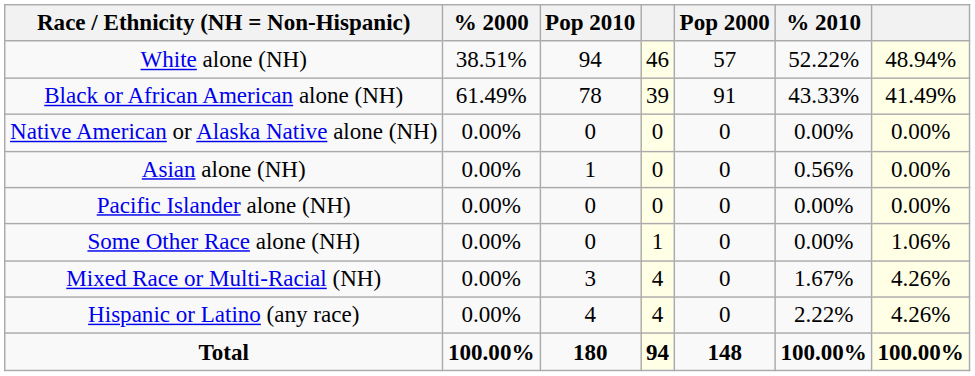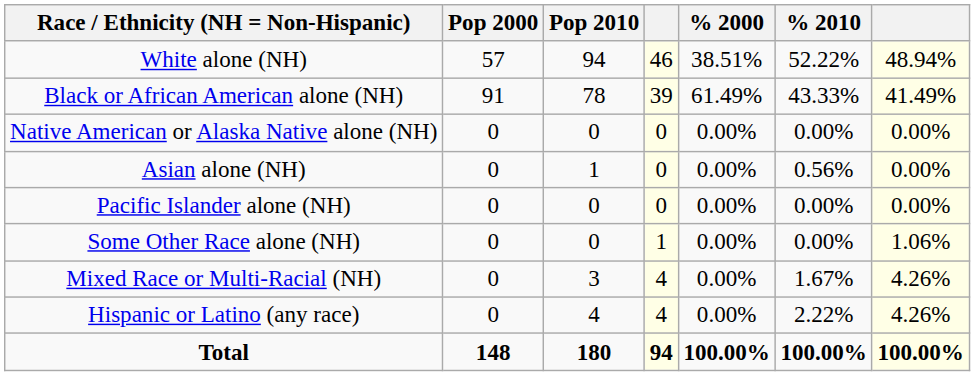 <table class="wikitable" style="text-align:center;">
 <tr>
 <th>Race / Ethnicity (NH = Non-Hispanic)</th>
-<th>% 2000</th>
+<th>Pop 2000</th>
 <th>Pop 2010</th>
 <th></th>
-<th>Pop 2000</th>
+<th>% 2000</th>
 <th>% 2010</th>
 <th></th>
 </tr>
 <tr>
 <td><a href='#'>White</a> alone (NH)</td>
-<td>38.51%</td>
+<td>57</td>
 <td>94</td>
 <td style='background: #ffffe6;'>46</td>
-<td>57</td>
+<td>38.51%</td>
 <td>52.22%</td>
 <td style='background: #ffffe6;'>48.94%</td>
 </tr>
 <tr>
 <td><a href='#'>Black or African American</a> alone (NH)</td>
-<td>61.49%</td>
+<td>91</td>
 <td>78</td>
 <td style='background: #ffffe6;'>39</td>
-<td>91</td>
+<td>61.49%</td>
 <td>43.33%</td>
 <td style='background: #ffffe6;'>41.49%</td>
 </tr>
 <tr>
 <td><a href='#'>Native American</a> or <a href='#'>Alaska Native</a> alone (NH)</td>
-<td>0.00%</td>
+<td>0</td>
 <td>0</td>
 <td style='background: #ffffe6;'>0</td>
-<td>0</td>
+<td>0.00%</td>
 <td>0.00%</td>
 <td style='background: #ffffe6;'>0.00%</td>
 </tr>
 <tr>
 <td><a href='#'>Asian</a> alone (NH)</td>
-<td>0.00%</td>
+<td>0</td>
 <td>1</td>
 <td style='background: #ffffe6;'>0</td>
-<td>0</td>
+<td>0.00%</td>
 <td>0.56%</td>
 <td style='background: #ffffe6;'>0.00%</td>
 </tr>
 <tr>
 <td><a href='#'>Pacific Islander</a> alone (NH)</td>
-<td>0.00%</td>
+<td>0</td>
 <td>0</td>
 <td style='background: #ffffe6;'>0</td>
-<td>0</td>
+<td>0.00%</td>
 <td>0.00%</td>
 <td style='background: #ffffe6;'>0.00%</td>
 </tr>
 <tr>
 <td><a href='#'>Some Other Race</a> alone (NH)</td>
-<td>0.00%</td>
+<td>0</td>
 <td>0</td>
 <td style='background: #ffffe6;'>1</td>
-<td>0</td>
+<td>0.00%</td>
 <td>0.00%</td>
 <td style='background: #ffffe6;'>1.06%</td>
 </tr>
 <tr>
 <td><a href='#'>Mixed Race or Multi-Racial</a> (NH)</td>
-<td>0.00%</td>
+<td>0</td>
 <td>3</td>
 <td style='background: #ffffe6;'>4</td>
-<td>0</td>
+<td>0.00%</td>
 <td>1.67%</td>
 <td style='background: #ffffe6;'>4.26%</td>
 </tr>
 <tr>
 <td><a href='#'>Hispanic or Latino</a> (any race)</td>
-<td>0.00%</td>
+<td>0</td>
 <td>4</td>
 <td style='background: #ffffe6;'>4</td>
-<td>0</td>
+<td>0.00%</td>
 <td>2.22%</td>
 <td style='background: #ffffe6;'>4.26%</td>
 </tr>
 <tr>
 <td><strong>Total</strong></td>
-<td><strong>100.00%</strong></td>
+<td><strong>148</strong></td>
 <td><strong>180</strong></td>
 <td style='background: #ffffe6;'><strong>94</strong></td>
-<td><strong>148</strong></td>
+<td><strong>100.00%</strong></td>
 <td><strong>100.00%</strong></td>
 <td style='background: #ffffe6;'><strong>100.00%</strong></td>
 </tr>
 </table>
